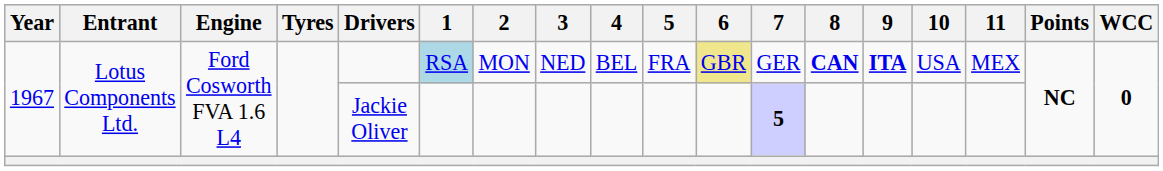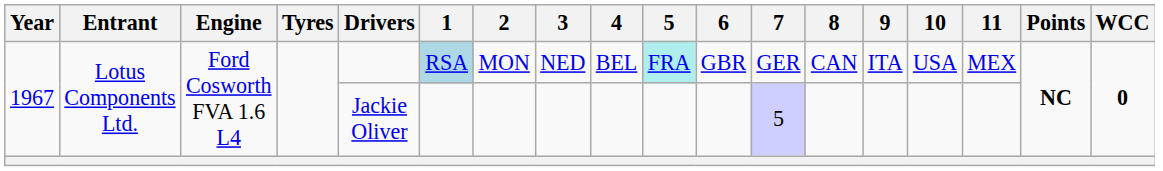 <table class="wikitable" style="text-align:center; font-size:90%">
 <tr>
 <th>Year</th>
 <th>Entrant</th>
 <th>Engine</th>
 <th>Tyres</th>
 <th>Drivers</th>
 <th>1</th>
 <th>2</th>
 <th>3</th>
 <th>4</th>
 <th>5</th>
 <th>6</th>
 <th>7</th>
 <th>8</th>
 <th>9</th>
 <th>10</th>
 <th>11</th>
 <th>Points</th>
 <th>WCC</th>
 </tr>
 <tr>
 <td rowspan=2><a href='#'>1967</a></td>
 <td rowspan=2><a href='#'>Lotus Components Ltd.</a></td>
 <td rowspan=2><a href='#'>Ford</a> <a href='#'>Cosworth</a> FVA 1.6 <a href='#'>L4</a></td>
 <td rowspan=2></td>
 <td></td>
 <td style="background: lightblue;"><a href='#'>RSA</a></td>
 <td><a href='#'>MON</a></td>
 <td><a href='#'>NED</a></td>
 <td><a href='#'>BEL</a></td>
-<td><a href='#'>FRA</a></td>
-<td style="background: khaki;"><a href='#'>GBR</a></td>
+<td style="background: paleturquoise;"><a href='#'>FRA</a></td>
+<td><a href='#'>GBR</a></td>
 <td><a href='#'>GER</a></td>
-<td><strong><a href='#'>CAN</a></strong></td>
-<td><strong><a href='#'>ITA</a></strong></td>
+<td><a href='#'>CAN</a></td>
+<td><a href='#'>ITA</a></td>
 <td><a href='#'>USA</a></td>
 <td><a href='#'>MEX</a></td>
 <td rowspan=2><strong>NC</strong></td>
 <td rowspan=2><strong>0</strong></td>
 </tr>
 <tr>
 <td><a href='#'>Jackie Oliver</a></td>
 <td></td>
 <td></td>
 <td></td>
 <td></td>
 <td></td>
 <td></td>
-<td style="background:#CFCFFF;"><strong>5</strong></td>
+<td style="background:#CFCFFF;">5</td>
 <td></td>
 <td></td>
 <td></td>
 <td></td>
 </tr>
 <tr>
 <th colspan="18"></th>
 </tr>
 </table>
